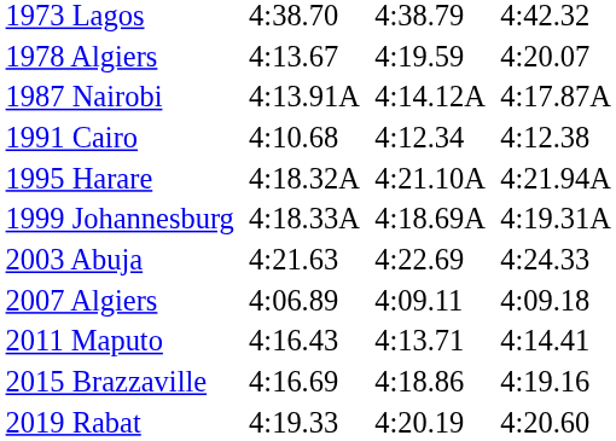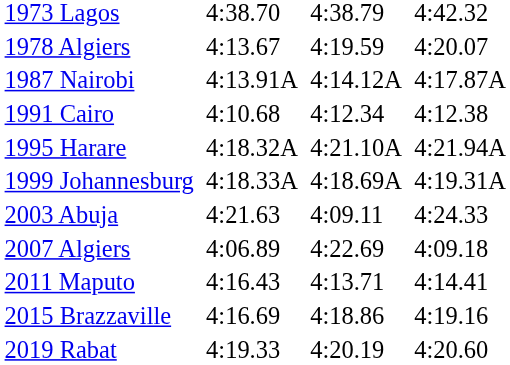 <table>
 <tr valign="top">
 <td><a href='#'>1973 Lagos</a><br></td>
 <td></td>
 <td>4:38.70</td>
 <td></td>
 <td>4:38.79</td>
 <td></td>
 <td>4:42.32</td>
 </tr>
 <tr valign="top">
 <td><a href='#'>1978 Algiers</a><br></td>
 <td></td>
 <td>4:13.67</td>
 <td></td>
 <td>4:19.59</td>
 <td></td>
 <td>4:20.07</td>
 </tr>
 <tr valign="top">
 <td><a href='#'>1987 Nairobi</a><br></td>
 <td></td>
 <td>4:13.91A</td>
 <td></td>
 <td>4:14.12A</td>
 <td></td>
 <td>4:17.87A</td>
 </tr>
 <tr valign="top">
 <td><a href='#'>1991 Cairo</a><br></td>
 <td></td>
 <td>4:10.68</td>
 <td></td>
 <td>4:12.34</td>
 <td></td>
 <td>4:12.38</td>
 </tr>
 <tr valign="top">
 <td><a href='#'>1995 Harare</a><br></td>
 <td></td>
 <td>4:18.32A</td>
 <td></td>
 <td>4:21.10A</td>
 <td></td>
 <td>4:21.94A</td>
 </tr>
 <tr valign="top">
 <td><a href='#'>1999 Johannesburg</a><br></td>
 <td></td>
 <td>4:18.33A</td>
 <td></td>
 <td>4:18.69A</td>
 <td></td>
 <td>4:19.31A</td>
 </tr>
 <tr valign="top">
 <td><a href='#'>2003 Abuja</a><br></td>
 <td></td>
 <td>4:21.63</td>
 <td></td>
-<td>4:22.69</td>
+<td>4:09.11</td>
 <td></td>
 <td>4:24.33</td>
 </tr>
 <tr valign="top">
 <td><a href='#'>2007 Algiers</a><br></td>
 <td></td>
 <td>4:06.89</td>
 <td></td>
-<td>4:09.11</td>
+<td>4:22.69</td>
 <td></td>
 <td>4:09.18</td>
 </tr>
 <tr valign="top">
 <td><a href='#'>2011 Maputo</a><br></td>
 <td></td>
 <td>4:16.43</td>
 <td></td>
 <td>4:13.71</td>
 <td></td>
 <td>4:14.41</td>
 </tr>
 <tr valign="top">
 <td><a href='#'>2015 Brazzaville</a><br></td>
 <td></td>
 <td>4:16.69</td>
 <td></td>
 <td>4:18.86</td>
 <td></td>
 <td>4:19.16</td>
 </tr>
 <tr valign="top">
 <td><a href='#'>2019 Rabat</a><br></td>
 <td></td>
 <td>4:19.33</td>
 <td></td>
 <td>4:20.19</td>
 <td></td>
 <td>4:20.60</td>
 </tr>
 </table>
